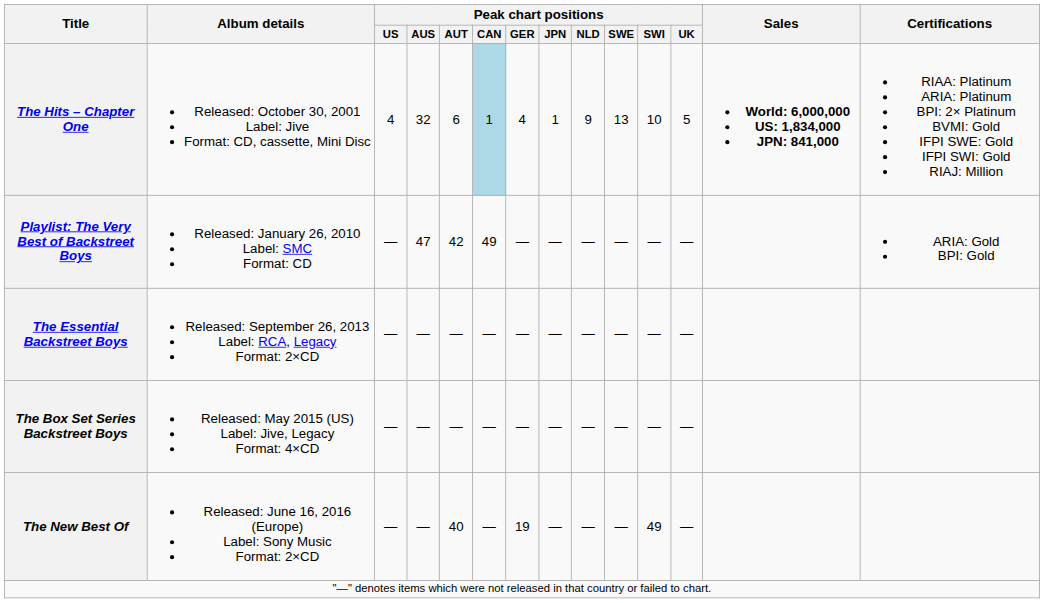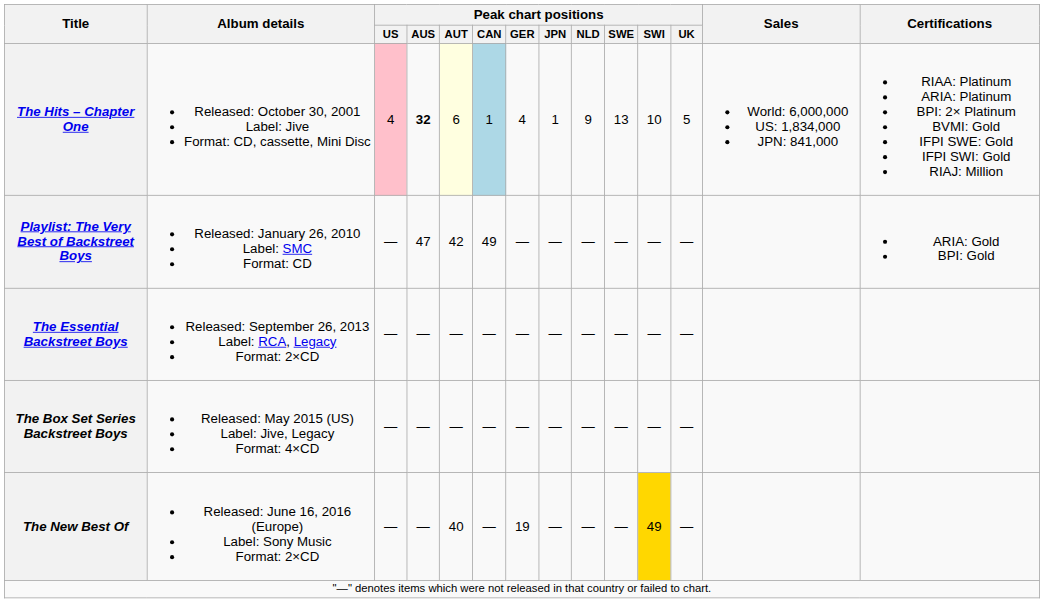 <table class="wikitable plainrowheaders" style="text-align:center;" border="1">
 <tr>
 <th scope="col" rowspan="2" style="width:11em;">Title</th>
 <th scope="col" rowspan="2" style="width:18em;">Album details</th>
 <th scope="col" colspan="10">Peak chart positions</th>
 <th scope="col" rowspan="2" style="width:12em;">Sales</th>
 <th scope="col" rowspan="2" style="width:14em;">Certifications</th>
 </tr>
 <tr>
 <th scope="col" style="width:2.5em;font-size:85%;">US<br></th>
 <th scope="col" style="width:2.5em;font-size:85%;">AUS<br></th>
 <th scope="col" style="width:2.5em;font-size:85%;">AUT<br></th>
 <th scope="col" style="width:2.5em;font-size:85%;">CAN<br></th>
 <th scope="col" style="width:2.5em;font-size:85%;">GER<br></th>
 <th scope="col" style="width:2.5em;font-size:85%;">JPN<br></th>
 <th scope="col" style="width:2.5em;font-size:85%;">NLD<br></th>
 <th scope="col" style="width:2.5em;font-size:85%;">SWE<br></th>
 <th scope="col" style="width:2.5em;font-size:85%;">SWI<br></th>
 <th scope="col" style="width:2.5em;font-size:85%;">UK<br></th>
 </tr>
 <tr>
 <th scope="row"><em><a href='#'>The Hits – Chapter One</a></em></th>
 <td><br><ul><li>Released: October 30, 2001</li><li>Label: Jive</li><li>Format: CD, cassette, Mini Disc</li></ul></td>
-<td>4</td>
-<td>32</td>
-<td>6</td>
+<td style="background: pink;">4</td>
+<td><strong>32</strong></td>
+<td style="background: lightyellow;">6</td>
 <td style="background: lightblue;">1</td>
 <td>4</td>
 <td>1</td>
 <td>9</td>
 <td>13</td>
 <td>10</td>
 <td>5</td>
-<td><strong><br><ul><li>World: 6,000,000</li><li>US: 1,834,000</li><li>JPN: 841,000</li></ul></strong></td>
+<td><br><ul><li>World: 6,000,000</li><li>US: 1,834,000</li><li>JPN: 841,000</li></ul></td>
 <td><br><ul><li>RIAA: Platinum</li><li>ARIA: Platinum</li><li>BPI: 2× Platinum</li><li>BVMI: Gold</li><li>IFPI SWE: Gold</li><li>IFPI SWI: Gold</li><li>RIAJ: Million</li></ul></td>
 </tr>
 <tr>
 <th scope="row"><em><a href='#'>Playlist: The Very Best of Backstreet Boys</a></em></th>
 <td><br><ul><li>Released: January 26, 2010</li><li>Label: <a href='#'>SMC</a></li><li>Format: CD</li></ul></td>
 <td>—</td>
 <td>47</td>
 <td>42</td>
 <td>49</td>
 <td>—</td>
 <td>—</td>
 <td>—</td>
 <td>—</td>
 <td>—</td>
 <td>—</td>
 <td></td>
 <td><br><ul><li>ARIA: Gold</li><li>BPI: Gold</li></ul></td>
 </tr>
 <tr>
 <th scope="row"><em><a href='#'>The Essential Backstreet Boys</a></em></th>
 <td><br><ul><li>Released: September 26, 2013</li><li>Label: <a href='#'>RCA</a>, <a href='#'>Legacy</a></li><li>Format: 2×CD</li></ul></td>
 <td>—</td>
 <td>—</td>
 <td>—</td>
 <td>—</td>
 <td>—</td>
 <td>—</td>
 <td>—</td>
 <td>—</td>
 <td>—</td>
 <td>—</td>
 <td></td>
 <td></td>
 </tr>
 <tr>
 <th scope="row"><em>The Box Set Series Backstreet Boys</em></th>
 <td><br><ul><li>Released: May 2015 (US)</li><li>Label: Jive, Legacy</li><li>Format: 4×CD</li></ul></td>
 <td>—</td>
 <td>—</td>
 <td>—</td>
 <td>—</td>
 <td>—</td>
 <td>—</td>
 <td>—</td>
 <td>—</td>
 <td>—</td>
 <td>—</td>
 <td></td>
 <td></td>
 </tr>
 <tr>
 <th scope="row"><em>The New Best Of</em></th>
 <td><br><ul><li>Released: June 16, 2016 (Europe)</li><li>Label: Sony Music</li><li>Format: 2×CD</li></ul></td>
 <td>—</td>
 <td>—</td>
 <td>40</td>
 <td>—</td>
 <td>19</td>
 <td>—</td>
 <td>—</td>
 <td>—</td>
-<td>49</td>
+<td style="background: gold;">49</td>
 <td>—</td>
 <td></td>
 <td></td>
 </tr>
 <tr>
 <td colspan="17" style="font-size: 85%">"—" denotes items which were not released in that country or failed to chart.</td>
 </tr>
 </table>
